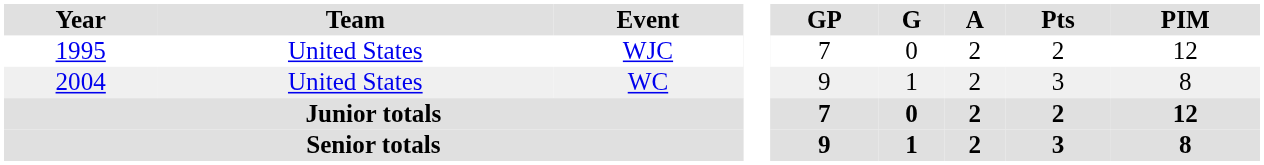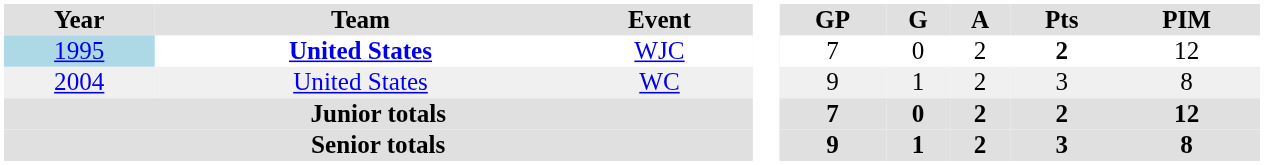 <table border="0" cellpadding="1" cellspacing="0" style="text-align:center; width:50em">
 <tr ALIGN="center" bgcolor="#e0e0e0">
 <th>Year</th>
 <th>Team</th>
 <th>Event</th>
 <th rowspan="99" bgcolor="#ffffff"> </th>
 <th>GP</th>
 <th>G</th>
 <th>A</th>
 <th>Pts</th>
 <th>PIM</th>
 </tr>
 <tr>
-<td><a href='#'>1995</a></td>
-<td><a href='#'>United States</a></td>
+<td style="background: lightblue;"><a href='#'>1995</a></td>
+<td><strong><a href='#'>United States</a></strong></td>
 <td><a href='#'>WJC</a></td>
 <td>7</td>
 <td>0</td>
 <td>2</td>
-<td>2</td>
+<td><strong>2</strong></td>
 <td>12</td>
 </tr>
 <tr style="background: #f0f0f0;">
 <td><a href='#'>2004</a></td>
 <td><a href='#'>United States</a></td>
 <td><a href='#'>WC</a></td>
 <td>9</td>
 <td>1</td>
 <td>2</td>
 <td>3</td>
 <td>8</td>
 </tr>
 <tr style="background:#e0e0e0;">
 <th colspan="3">Junior totals</th>
 <th>7</th>
 <th>0</th>
 <th>2</th>
 <th>2</th>
 <th>12</th>
 </tr>
 <tr style="background:#e0e0e0;">
 <th colspan="3">Senior totals</th>
 <th>9</th>
 <th>1</th>
 <th>2</th>
 <th>3</th>
 <th>8</th>
 </tr>
 </table>
